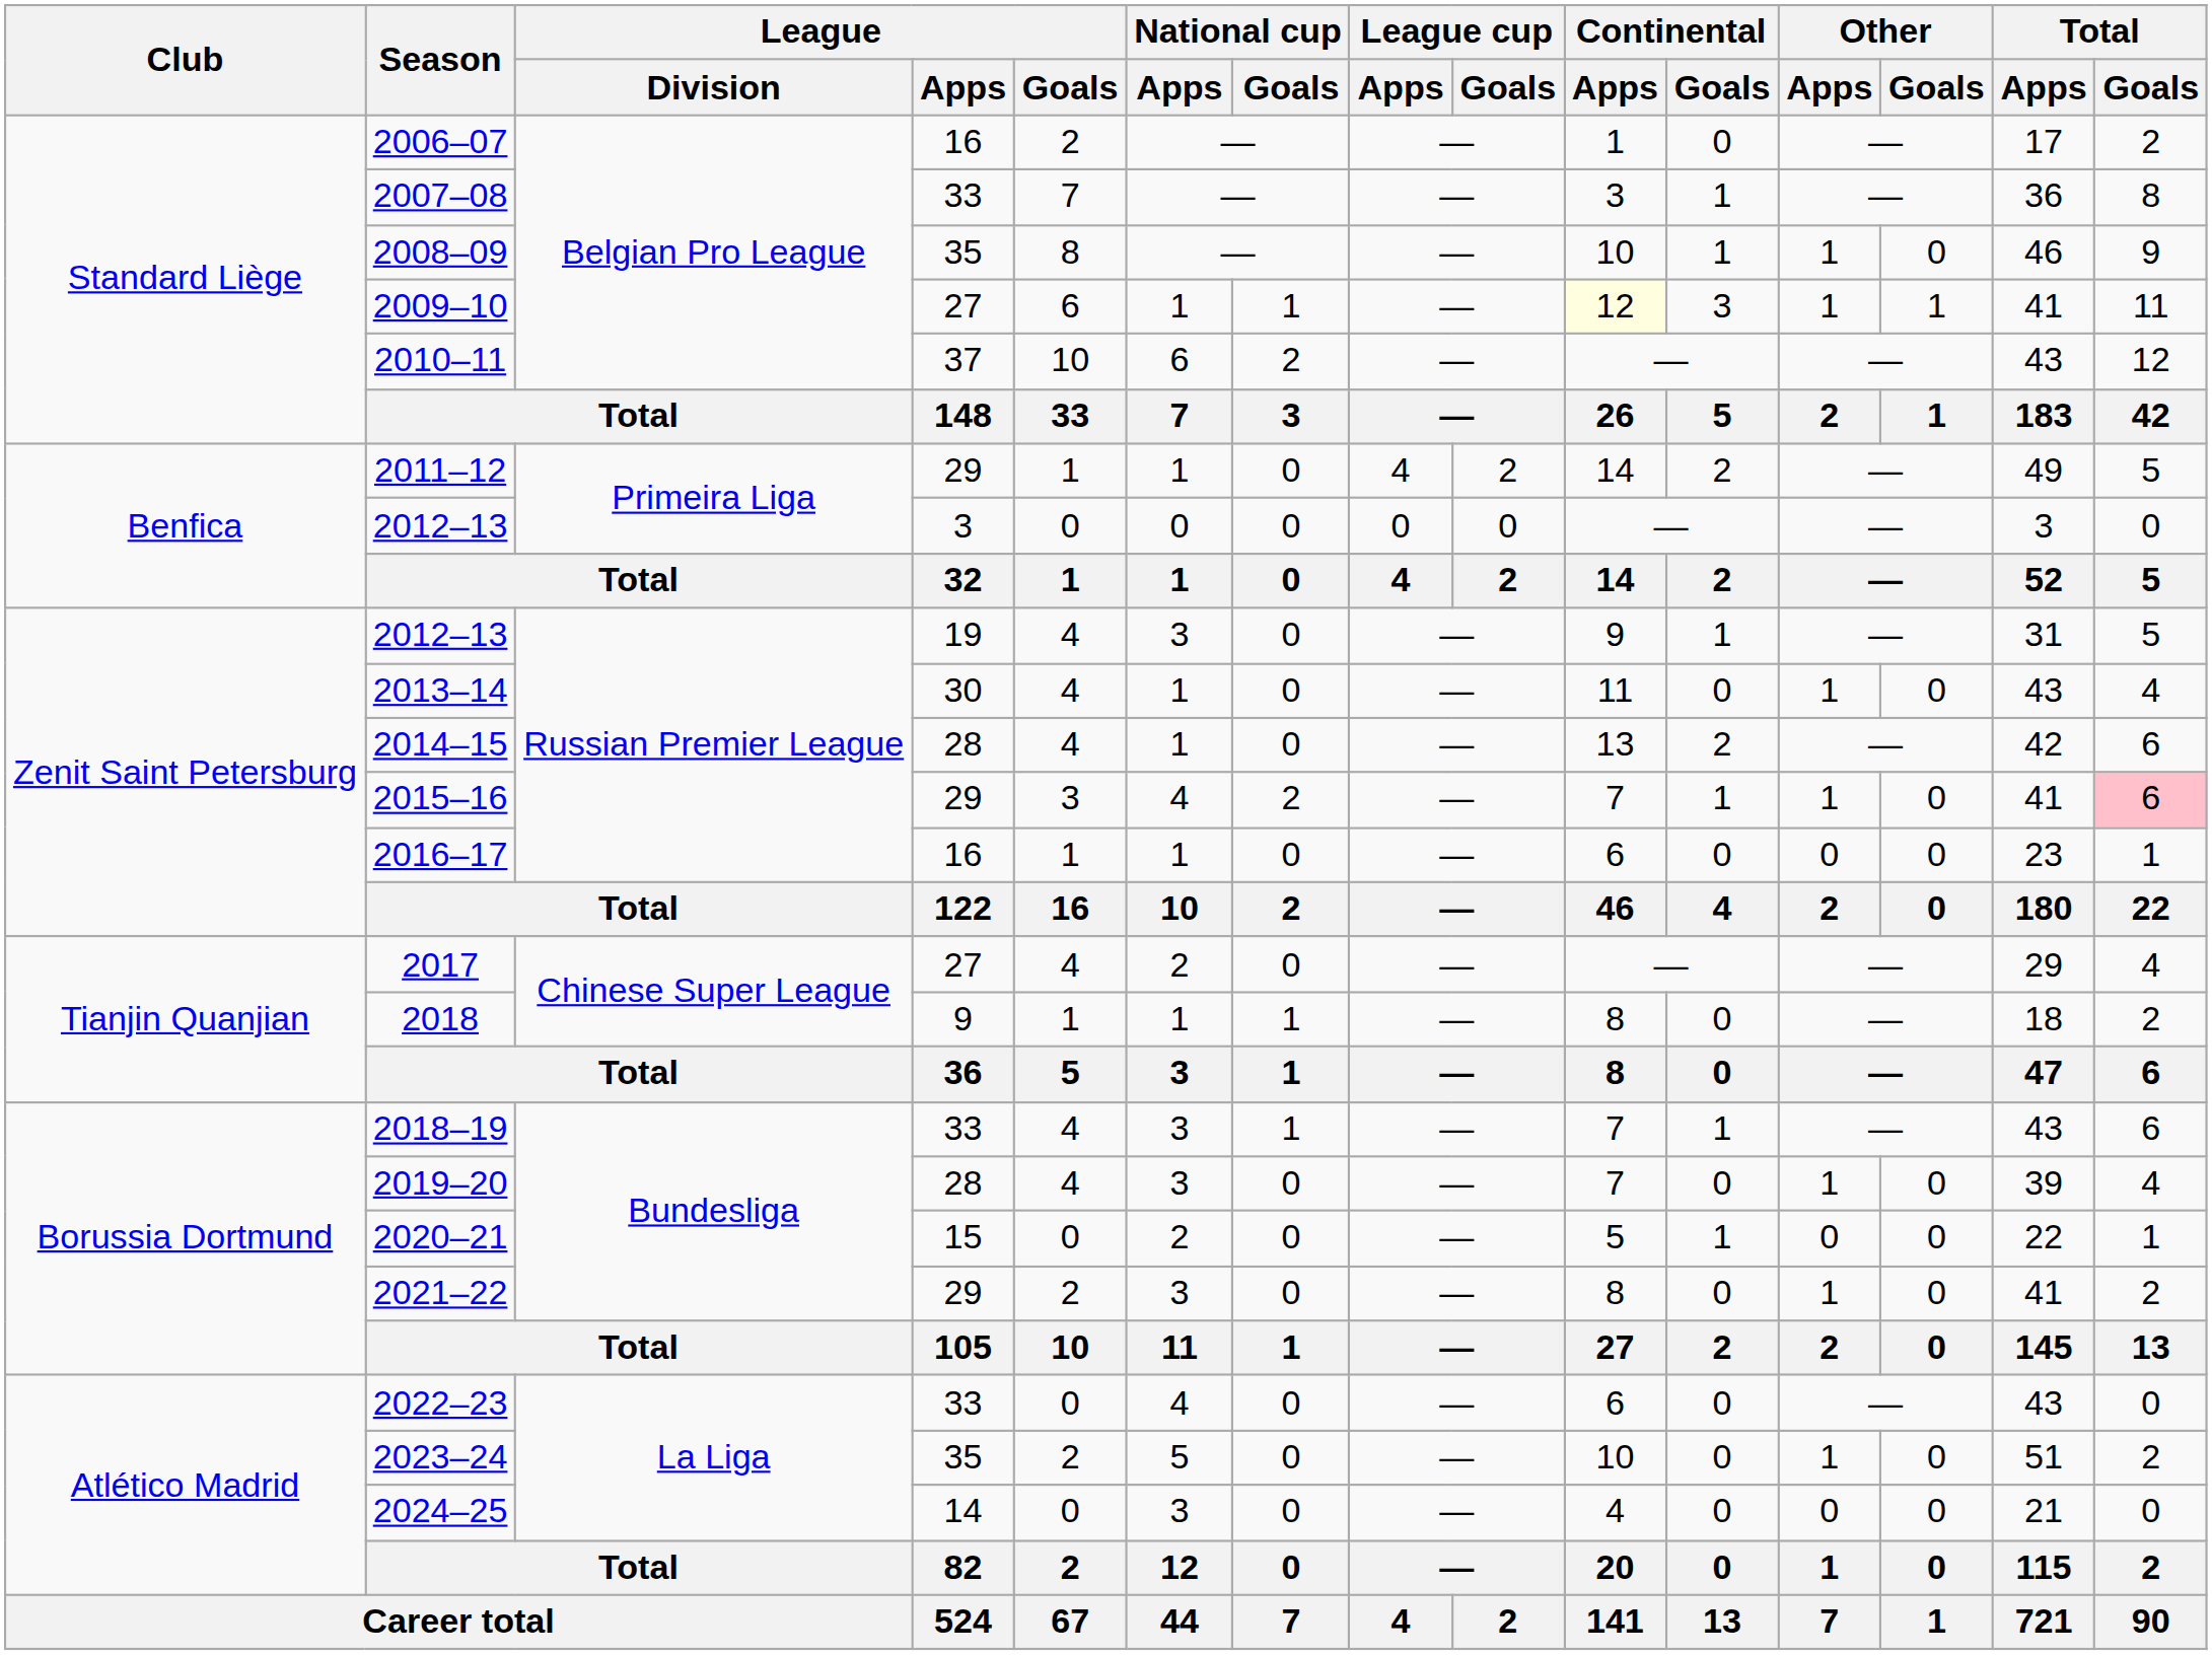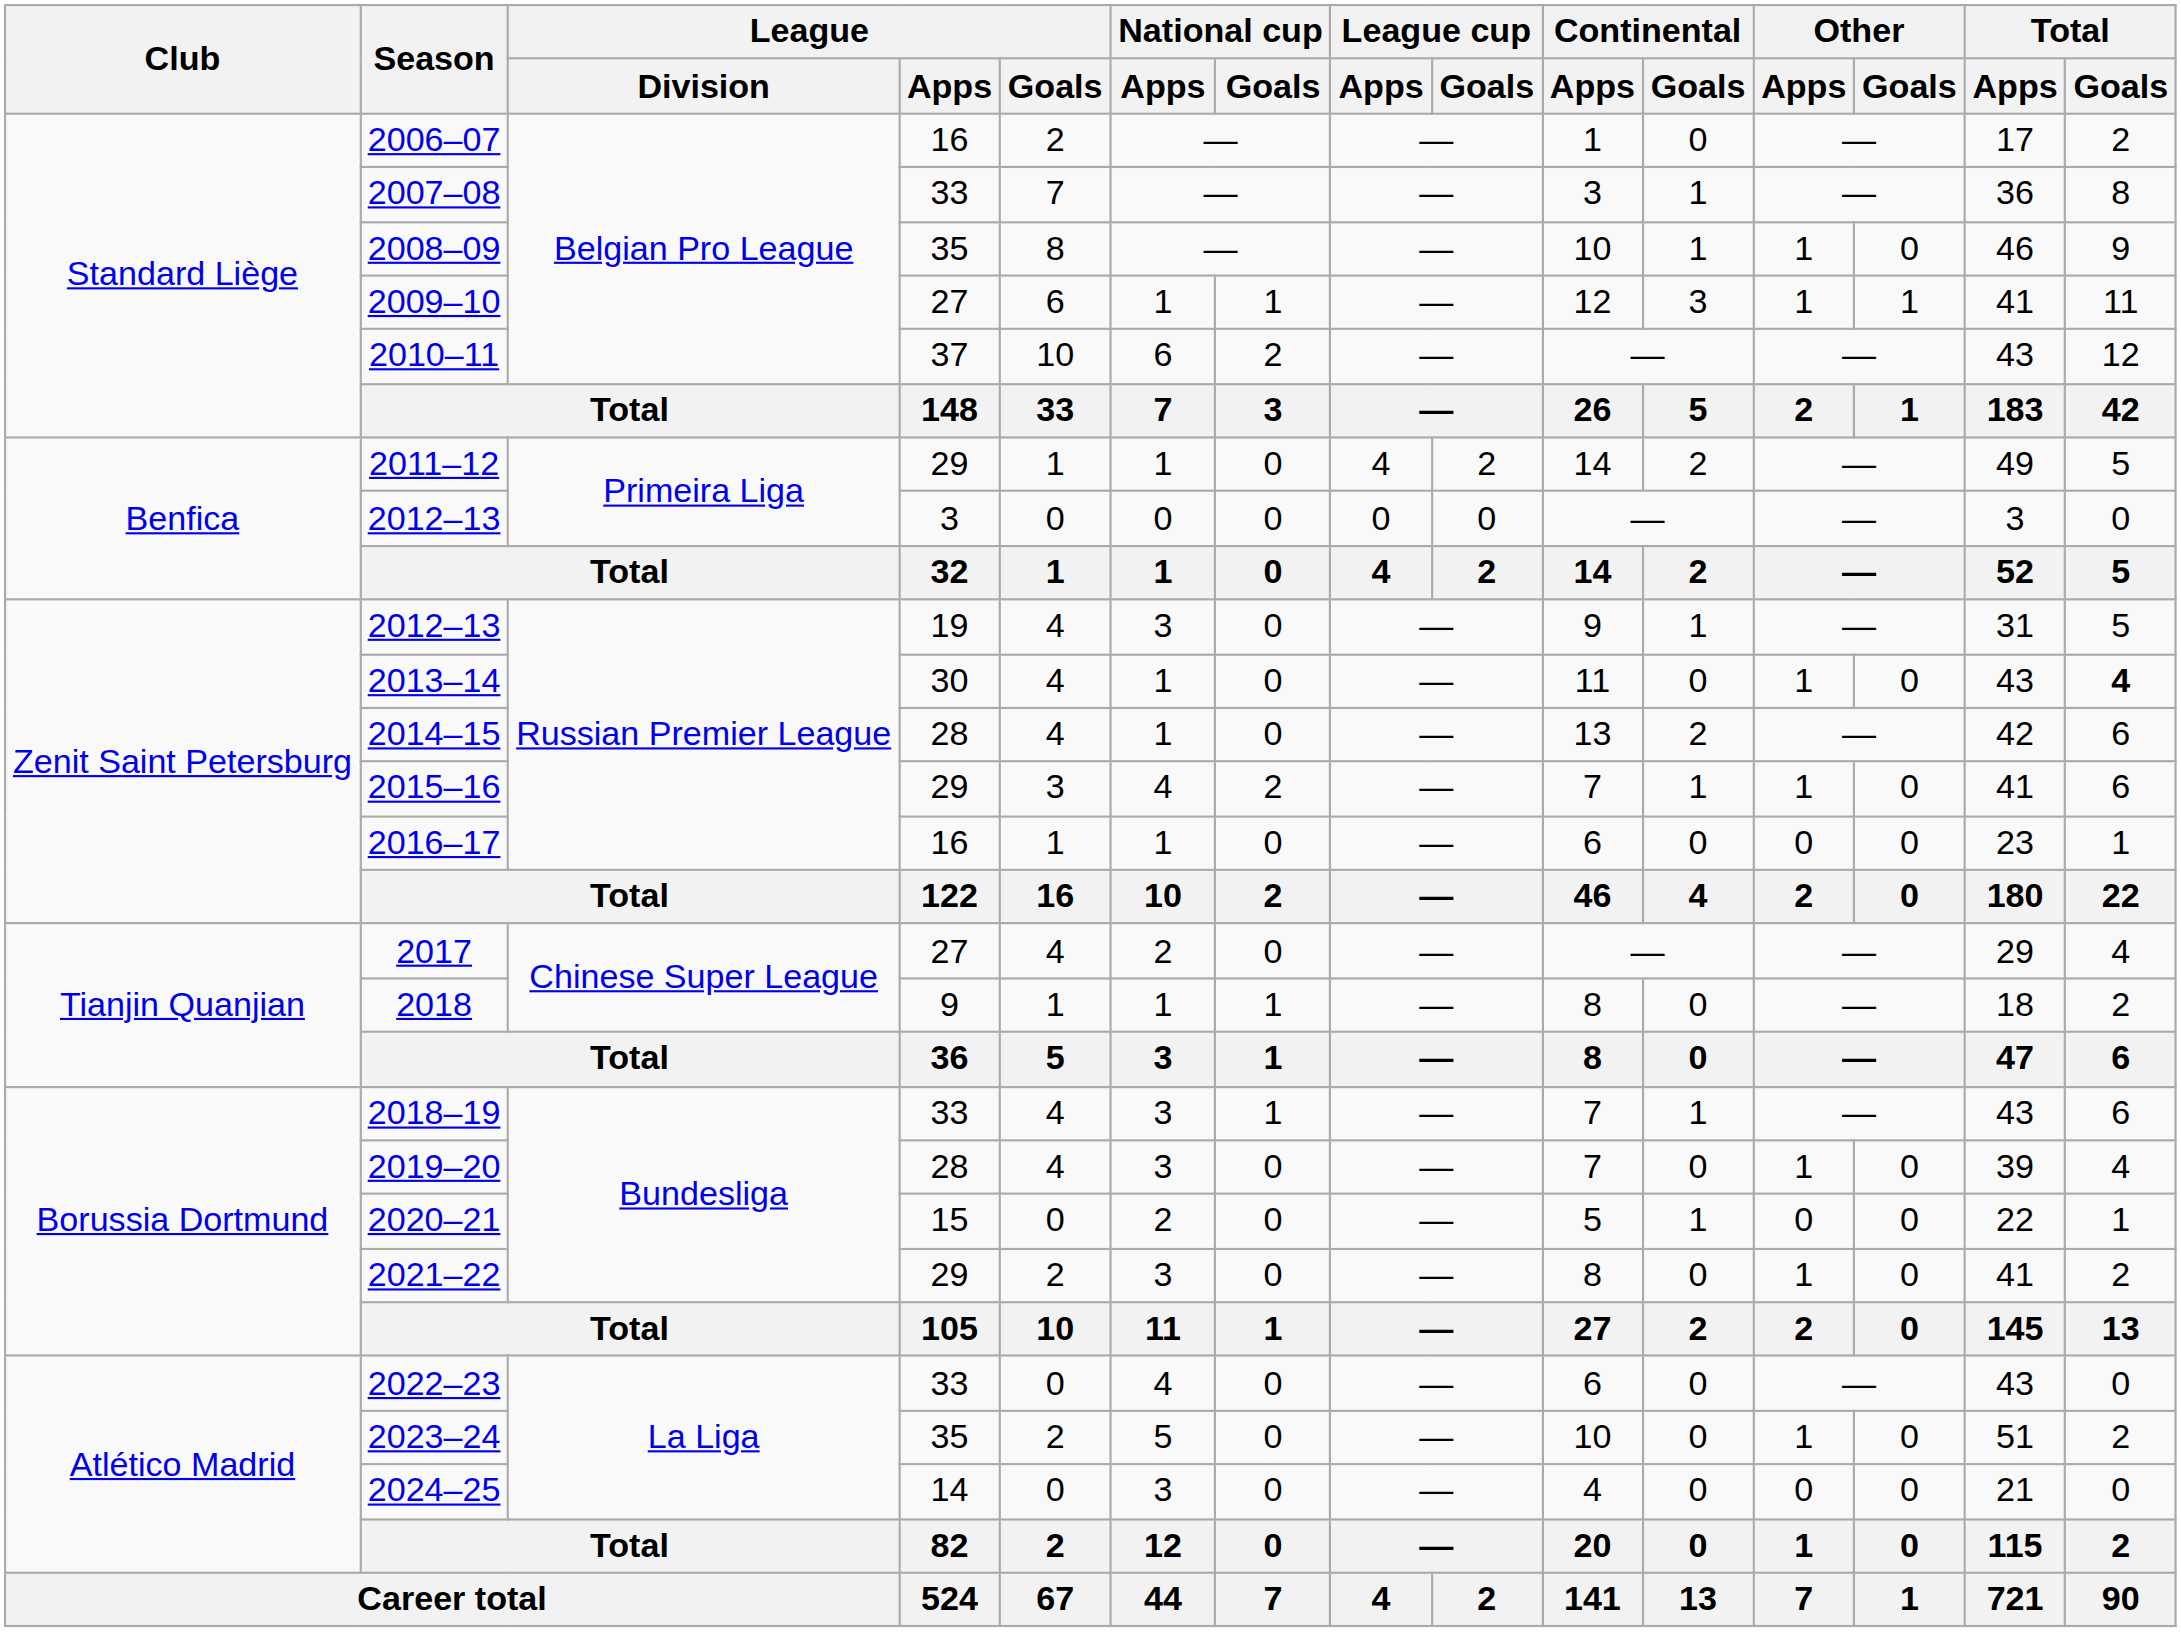 <table class="wikitable" style="text-align: center">
 <tr>
 <th rowspan="2">Club</th>
 <th rowspan="2">Season</th>
 <th colspan="3">League</th>
 <th colspan="2">National cup</th>
 <th colspan="2">League cup</th>
 <th colspan="2">Continental</th>
 <th colspan="2">Other</th>
 <th colspan="2">Total</th>
 </tr>
 <tr>
 <th>Division</th>
 <th>Apps</th>
 <th>Goals</th>
 <th>Apps</th>
 <th>Goals</th>
 <th>Apps</th>
 <th>Goals</th>
 <th>Apps</th>
 <th>Goals</th>
 <th>Apps</th>
 <th>Goals</th>
 <th>Apps</th>
 <th>Goals</th>
 </tr>
 <tr>
 <td rowspan="6"><a href='#'>Standard Liège</a></td>
 <td><a href='#'>2006–07</a></td>
 <td rowspan="5"><a href='#'>Belgian Pro League</a></td>
 <td>16</td>
 <td>2</td>
 <td colspan="2">—</td>
 <td colspan="2">—</td>
 <td>1</td>
 <td>0</td>
 <td colspan="2">—</td>
 <td>17</td>
 <td>2</td>
 </tr>
 <tr>
 <td><a href='#'>2007–08</a></td>
 <td>33</td>
 <td>7</td>
 <td colspan="2">—</td>
 <td colspan="2">—</td>
 <td>3</td>
 <td>1</td>
 <td colspan="2">—</td>
 <td>36</td>
 <td>8</td>
 </tr>
 <tr>
 <td><a href='#'>2008–09</a></td>
 <td>35</td>
 <td>8</td>
 <td colspan="2">—</td>
 <td colspan="2">—</td>
 <td>10</td>
 <td>1</td>
 <td>1</td>
 <td>0</td>
 <td>46</td>
 <td>9</td>
 </tr>
 <tr>
 <td><a href='#'>2009–10</a></td>
 <td>27</td>
 <td>6</td>
 <td>1</td>
 <td>1</td>
 <td colspan="2">—</td>
-<td style="background: lightyellow;">12</td>
+<td>12</td>
 <td>3</td>
 <td>1</td>
 <td>1</td>
 <td>41</td>
 <td>11</td>
 </tr>
 <tr>
 <td><a href='#'>2010–11</a></td>
 <td>37</td>
 <td>10</td>
 <td>6</td>
 <td>2</td>
 <td colspan="2">—</td>
 <td colspan="2">—</td>
 <td colspan="2">—</td>
 <td>43</td>
 <td>12</td>
 </tr>
 <tr>
 <th colspan="2">Total</th>
 <th>148</th>
 <th>33</th>
 <th>7</th>
 <th>3</th>
 <th colspan="2">—</th>
 <th>26</th>
 <th>5</th>
 <th>2</th>
 <th>1</th>
 <th>183</th>
 <th>42</th>
 </tr>
 <tr>
 <td rowspan=3><a href='#'>Benfica</a></td>
 <td><a href='#'>2011–12</a></td>
 <td rowspan="2"><a href='#'>Primeira Liga</a></td>
 <td>29</td>
 <td>1</td>
 <td>1</td>
 <td>0</td>
 <td>4</td>
 <td>2</td>
 <td>14</td>
 <td>2</td>
 <td colspan="2">—</td>
 <td>49</td>
 <td>5</td>
 </tr>
 <tr>
 <td><a href='#'>2012–13</a></td>
 <td>3</td>
 <td>0</td>
 <td>0</td>
 <td>0</td>
 <td>0</td>
 <td>0</td>
 <td colspan="2">—</td>
 <td colspan="2">—</td>
 <td>3</td>
 <td>0</td>
 </tr>
 <tr>
 <th colspan="2">Total</th>
 <th>32</th>
 <th>1</th>
 <th>1</th>
 <th>0</th>
 <th>4</th>
 <th>2</th>
 <th>14</th>
 <th>2</th>
 <th colspan="2">—</th>
 <th>52</th>
 <th>5</th>
 </tr>
 <tr>
 <td rowspan="6"><a href='#'>Zenit Saint Petersburg</a></td>
 <td><a href='#'>2012–13</a></td>
 <td rowspan="5"><a href='#'>Russian Premier League</a></td>
 <td>19</td>
 <td>4</td>
 <td>3</td>
 <td>0</td>
 <td colspan="2">—</td>
 <td>9</td>
 <td>1</td>
 <td colspan="2">—</td>
 <td>31</td>
 <td>5</td>
 </tr>
 <tr>
 <td><a href='#'>2013–14</a></td>
 <td>30</td>
 <td>4</td>
 <td>1</td>
 <td>0</td>
 <td colspan="2">—</td>
 <td>11</td>
 <td>0</td>
 <td>1</td>
 <td>0</td>
 <td>43</td>
-<td>4</td>
+<td><strong>4</strong></td>
 </tr>
 <tr>
 <td><a href='#'>2014–15</a></td>
 <td>28</td>
 <td>4</td>
 <td>1</td>
 <td>0</td>
 <td colspan="2">—</td>
 <td>13</td>
 <td>2</td>
 <td colspan="2">—</td>
 <td>42</td>
 <td>6</td>
 </tr>
 <tr>
 <td><a href='#'>2015–16</a></td>
 <td>29</td>
 <td>3</td>
 <td>4</td>
 <td>2</td>
 <td colspan="2">—</td>
 <td>7</td>
 <td>1</td>
 <td>1</td>
 <td>0</td>
 <td>41</td>
-<td style="background: pink;">6</td>
+<td>6</td>
 </tr>
 <tr>
 <td><a href='#'>2016–17</a></td>
 <td>16</td>
 <td>1</td>
 <td>1</td>
 <td>0</td>
 <td colspan="2">—</td>
 <td>6</td>
 <td>0</td>
 <td>0</td>
 <td>0</td>
 <td>23</td>
 <td>1</td>
 </tr>
 <tr>
 <th colspan="2">Total</th>
 <th>122</th>
 <th>16</th>
 <th>10</th>
 <th>2</th>
 <th colspan="2">—</th>
 <th>46</th>
 <th>4</th>
 <th>2</th>
 <th>0</th>
 <th>180</th>
 <th>22</th>
 </tr>
 <tr>
 <td rowspan="3"><a href='#'>Tianjin Quanjian</a></td>
 <td><a href='#'>2017</a></td>
 <td rowspan="2"><a href='#'>Chinese Super League</a></td>
 <td>27</td>
 <td>4</td>
 <td>2</td>
 <td>0</td>
 <td colspan="2">—</td>
 <td colspan="2">—</td>
 <td colspan="2">—</td>
 <td>29</td>
 <td>4</td>
 </tr>
 <tr>
 <td><a href='#'>2018</a></td>
 <td>9</td>
 <td>1</td>
 <td>1</td>
 <td>1</td>
 <td colspan="2">—</td>
 <td>8</td>
 <td>0</td>
 <td colspan="2">—</td>
 <td>18</td>
 <td>2</td>
 </tr>
 <tr>
 <th colspan="2">Total</th>
 <th>36</th>
 <th>5</th>
 <th>3</th>
 <th>1</th>
 <th colspan="2">—</th>
 <th>8</th>
 <th>0</th>
 <th colspan="2">—</th>
 <th>47</th>
 <th>6</th>
 </tr>
 <tr>
 <td rowspan="5"><a href='#'>Borussia Dortmund</a></td>
 <td><a href='#'>2018–19</a></td>
 <td rowspan="4"><a href='#'>Bundesliga</a></td>
 <td>33</td>
 <td>4</td>
 <td>3</td>
 <td>1</td>
 <td colspan="2">—</td>
 <td>7</td>
 <td>1</td>
 <td colspan="2">—</td>
 <td>43</td>
 <td>6</td>
 </tr>
 <tr>
 <td><a href='#'>2019–20</a></td>
 <td>28</td>
 <td>4</td>
 <td>3</td>
 <td>0</td>
 <td colspan="2">—</td>
 <td>7</td>
 <td>0</td>
 <td>1</td>
 <td>0</td>
 <td>39</td>
 <td>4</td>
 </tr>
 <tr>
 <td><a href='#'>2020–21</a></td>
 <td>15</td>
 <td>0</td>
 <td>2</td>
 <td>0</td>
 <td colspan="2">—</td>
 <td>5</td>
 <td>1</td>
 <td>0</td>
 <td>0</td>
 <td>22</td>
 <td>1</td>
 </tr>
 <tr>
 <td><a href='#'>2021–22</a></td>
 <td>29</td>
 <td>2</td>
 <td>3</td>
 <td>0</td>
 <td colspan="2">—</td>
 <td>8</td>
 <td>0</td>
 <td>1</td>
 <td>0</td>
 <td>41</td>
 <td>2</td>
 </tr>
 <tr>
 <th colspan="2">Total</th>
 <th>105</th>
 <th>10</th>
 <th>11</th>
 <th>1</th>
 <th colspan="2">—</th>
 <th>27</th>
 <th>2</th>
 <th>2</th>
 <th>0</th>
 <th>145</th>
 <th>13</th>
 </tr>
 <tr>
 <td rowspan="4"><a href='#'>Atlético Madrid</a></td>
 <td><a href='#'>2022–23</a></td>
 <td rowspan="3"><a href='#'>La Liga</a></td>
 <td>33</td>
 <td>0</td>
 <td>4</td>
 <td>0</td>
 <td colspan="2">—</td>
 <td>6</td>
 <td>0</td>
 <td colspan="2">—</td>
 <td>43</td>
 <td>0</td>
 </tr>
 <tr>
 <td><a href='#'>2023–24</a></td>
 <td>35</td>
 <td>2</td>
 <td>5</td>
 <td>0</td>
 <td colspan="2">—</td>
 <td>10</td>
 <td>0</td>
 <td>1</td>
 <td>0</td>
 <td>51</td>
 <td>2</td>
 </tr>
 <tr>
 <td><a href='#'>2024–25</a></td>
 <td>14</td>
 <td>0</td>
 <td>3</td>
 <td>0</td>
 <td colspan="2">—</td>
 <td>4</td>
 <td>0</td>
 <td>0</td>
 <td>0</td>
 <td>21</td>
 <td>0</td>
 </tr>
 <tr>
 <th colspan="2">Total</th>
 <th>82</th>
 <th>2</th>
 <th>12</th>
 <th>0</th>
 <th colspan="2">—</th>
 <th>20</th>
 <th>0</th>
 <th>1</th>
 <th>0</th>
 <th>115</th>
 <th>2</th>
 </tr>
 <tr>
 <th colspan="3">Career total</th>
 <th>524</th>
 <th>67</th>
 <th>44</th>
 <th>7</th>
 <th>4</th>
 <th>2</th>
 <th>141</th>
 <th>13</th>
 <th>7</th>
 <th>1</th>
 <th>721</th>
 <th>90</th>
 </tr>
 </table>
